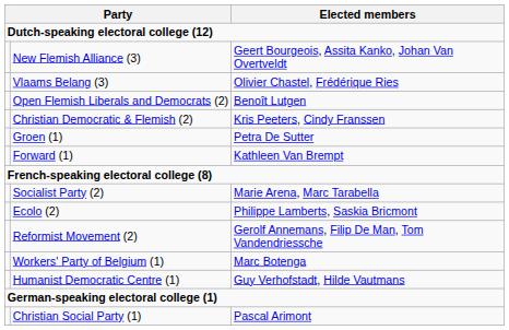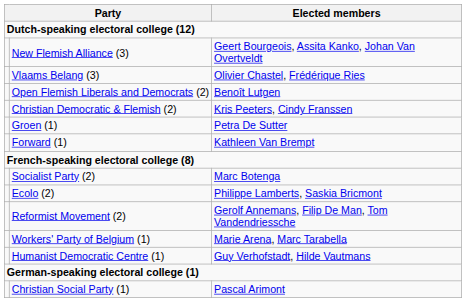 <table class="wikitable" style="font-size:95%;">
 <tr>
 <th colspan="2" style="width:175px;">Party</th>
 <th style="width:350px;">Elected members</th>
 </tr>
 <tr>
 <td colspan="3"><strong>Dutch-speaking electoral college (12)</strong></td>
 </tr>
 <tr>
 <td style="background-color: "></td>
 <td><a href='#'>New Flemish Alliance</a> (3)</td>
 <td><a href='#'>Geert Bourgeois</a>, <a href='#'>Assita Kanko</a>, <a href='#'>Johan Van Overtveldt</a></td>
 </tr>
 <tr>
 <td style="background-color: "></td>
 <td><a href='#'>Vlaams Belang</a> (3)</td>
 <td><a href='#'>Olivier Chastel</a>, <a href='#'>Frédérique Ries</a></td>
 </tr>
 <tr>
 <td style="background-color: "></td>
 <td><a href='#'>Open Flemish Liberals and Democrats</a> (2)</td>
 <td><a href='#'>Benoît Lutgen</a></td>
 </tr>
 <tr>
 <td style="background-color: "></td>
 <td><a href='#'>Christian Democratic & Flemish</a> (2)</td>
 <td><a href='#'>Kris Peeters</a>, <a href='#'>Cindy Franssen</a></td>
 </tr>
 <tr>
 <td style="background-color: "></td>
 <td><a href='#'>Groen</a> (1)</td>
 <td><a href='#'>Petra De Sutter</a></td>
 </tr>
 <tr>
 <td style="background-color: "></td>
 <td><a href='#'>Forward</a> (1)</td>
 <td><a href='#'>Kathleen Van Brempt</a></td>
 </tr>
 <tr>
 <td colspan="3"><strong>French-speaking electoral college (8)</strong></td>
 </tr>
 <tr>
 <td style="background-color: "></td>
 <td><a href='#'>Socialist Party</a> (2)</td>
-<td><a href='#'>Marie Arena</a>, <a href='#'>Marc Tarabella</a></td>
+<td><a href='#'>Marc Botenga</a></td>
 </tr>
 <tr>
 <td style="background-color: "></td>
 <td><a href='#'>Ecolo</a> (2)</td>
 <td><a href='#'>Philippe Lamberts</a>, <a href='#'>Saskia Bricmont</a></td>
 </tr>
 <tr>
 <td style="background-color: "></td>
 <td><a href='#'>Reformist Movement</a> (2)</td>
 <td><a href='#'>Gerolf Annemans</a>, <a href='#'>Filip De Man</a>, <a href='#'>Tom Vandendriessche</a></td>
 </tr>
 <tr>
 <td style="background-color: "></td>
 <td><a href='#'>Workers' Party of Belgium</a> (1)</td>
-<td><a href='#'>Marc Botenga</a></td>
+<td><a href='#'>Marie Arena</a>, <a href='#'>Marc Tarabella</a></td>
 </tr>
 <tr>
 <td style="background-color: "></td>
 <td><a href='#'>Humanist Democratic Centre</a> (1)</td>
 <td><a href='#'>Guy Verhofstadt</a>, <a href='#'>Hilde Vautmans</a></td>
 </tr>
 <tr>
 <td colspan="3"><strong>German-speaking electoral college (1)</strong></td>
 </tr>
 <tr>
 <td style="background-color: "></td>
 <td><a href='#'>Christian Social Party</a> (1)</td>
 <td><a href='#'>Pascal Arimont</a></td>
 </tr>
 </table>
